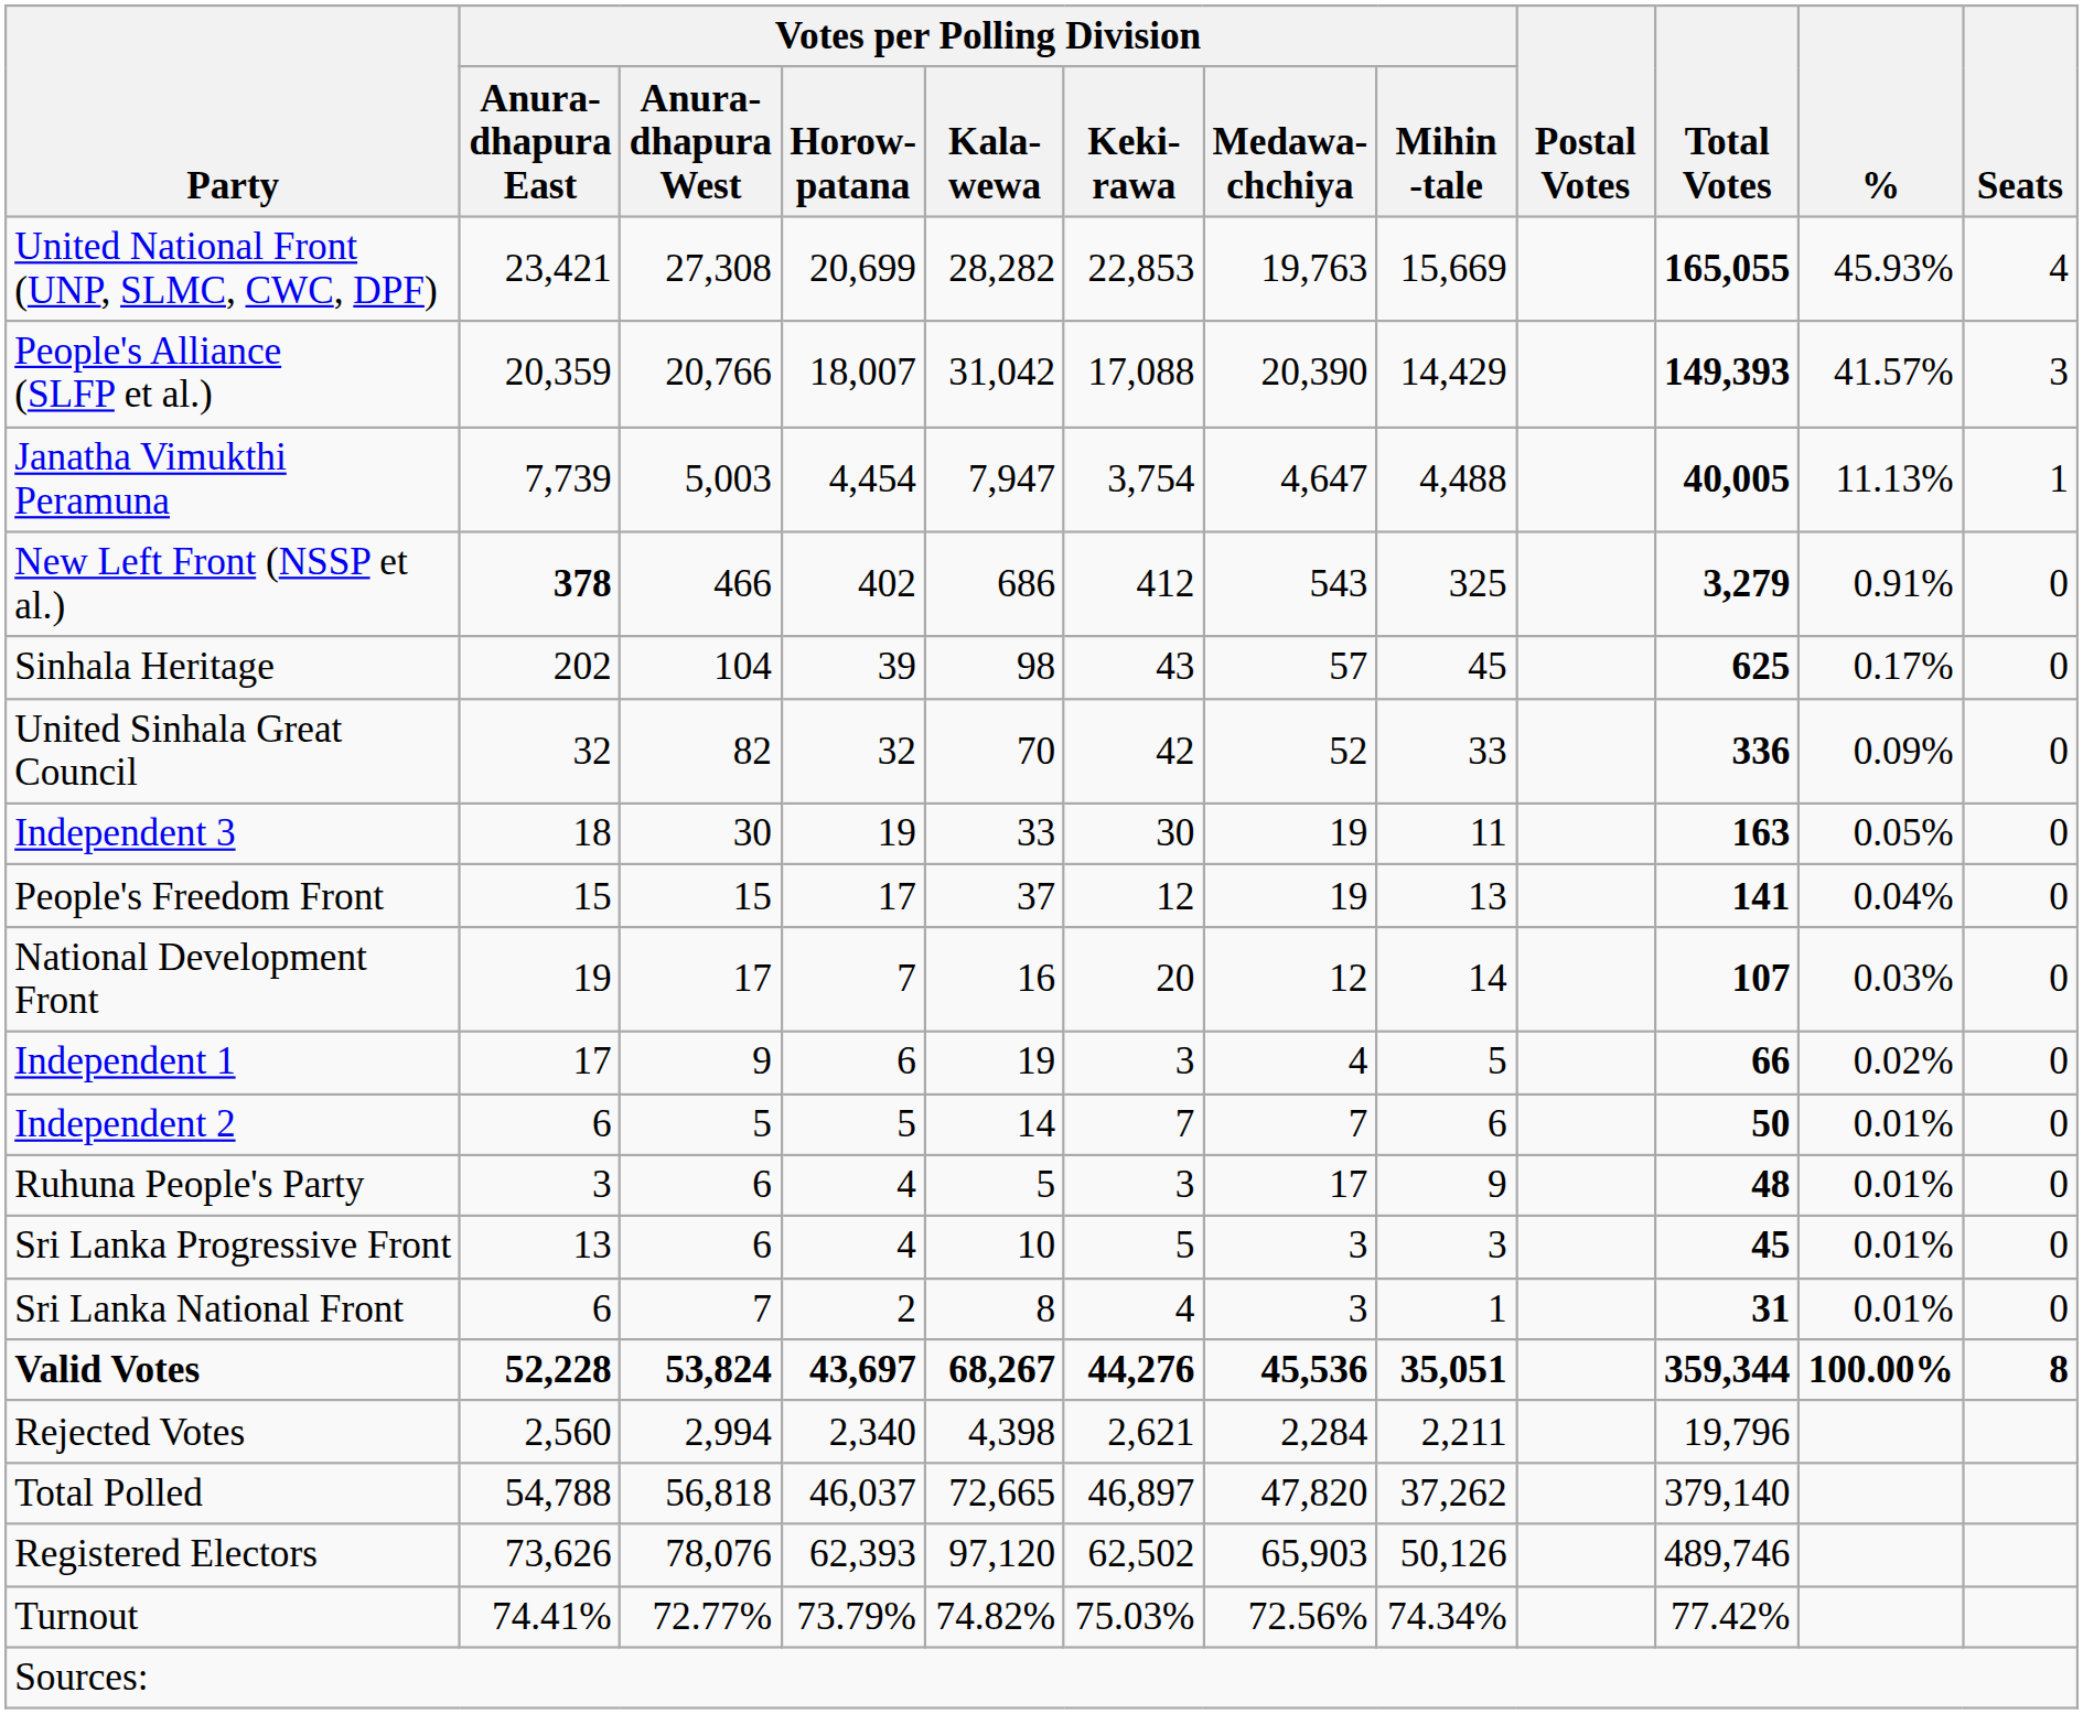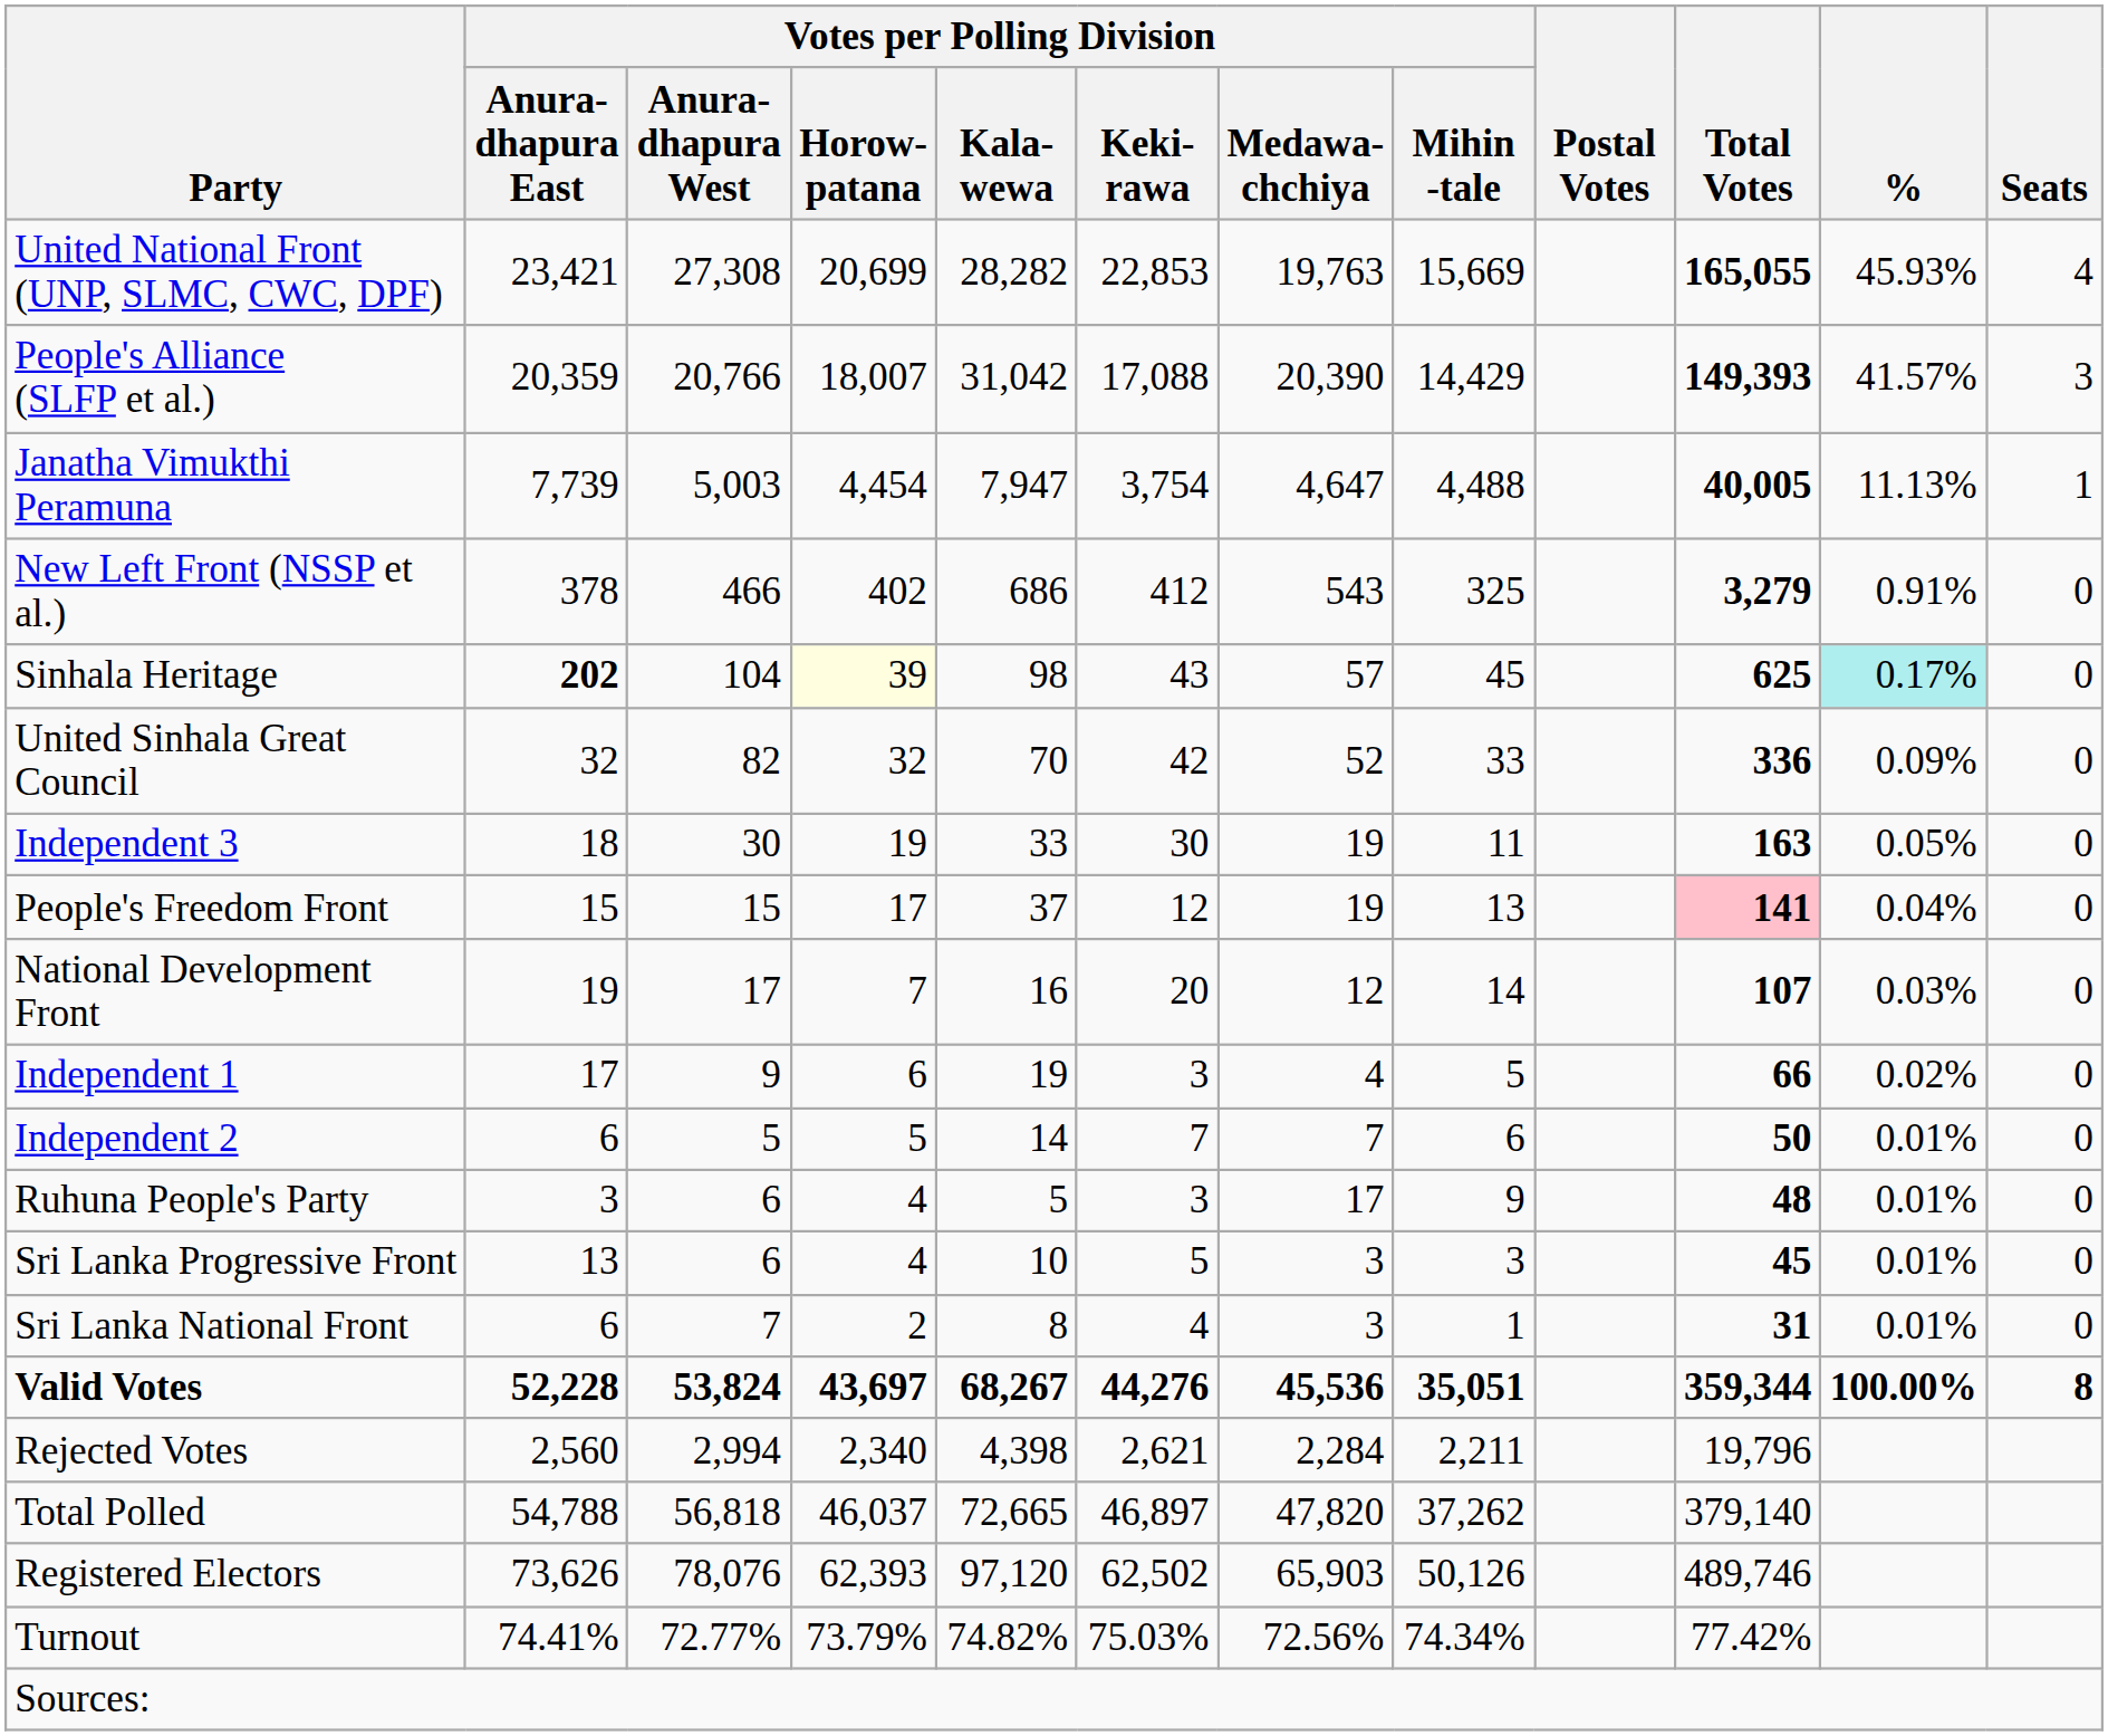 <table class="wikitable" border="1" style="text-align:right;">
 <tr>
 <th align=left valign=bottom rowspan=2 width="180">Party</th>
 <th colspan=7>Votes per Polling Division</th>
 <th align=center valign=bottom rowspan=2 width="50">Postal<br>Votes</th>
 <th align=center valign=bottom rowspan=2 width="50">Total Votes</th>
 <th align=center valign=bottom rowspan=2 width="50">%</th>
 <th align=center valign=bottom rowspan=2 width="40">Seats</th>
 </tr>
 <tr>
 <th align=center valign=bottom width="50">Anura-<br>dhapura<br>East</th>
 <th align=center valign=bottom width="50">Anura-<br>dhapura<br>West</th>
 <th align=center valign=bottom width="50">Horow-<br>patana</th>
 <th align=center valign=bottom width="50">Kala-<br>wewa</th>
 <th align=center valign=bottom width="50">Keki-<br>rawa</th>
 <th align=center valign=bottom width="50">Medawa-<br>chchiya</th>
 <th align=center valign=bottom width="50">Mihin<br>-tale</th>
 </tr>
 <tr>
 <td align=left><a href='#'>United National Front</a><br>(<a href='#'>UNP</a>, <a href='#'>SLMC</a>, <a href='#'>CWC</a>, <a href='#'>DPF</a>)</td>
 <td>23,421</td>
 <td>27,308</td>
 <td>20,699</td>
 <td>28,282</td>
 <td>22,853</td>
 <td>19,763</td>
 <td>15,669</td>
 <td></td>
 <td><strong>165,055</strong></td>
 <td>45.93%</td>
 <td>4</td>
 </tr>
 <tr>
 <td align=left><a href='#'>People's Alliance</a><br>(<a href='#'>SLFP</a> et al.)</td>
 <td>20,359</td>
 <td>20,766</td>
 <td>18,007</td>
 <td>31,042</td>
 <td>17,088</td>
 <td>20,390</td>
 <td>14,429</td>
 <td></td>
 <td><strong>149,393</strong></td>
 <td>41.57%</td>
 <td>3</td>
 </tr>
 <tr>
 <td align=left><a href='#'>Janatha Vimukthi Peramuna</a></td>
 <td>7,739</td>
 <td>5,003</td>
 <td>4,454</td>
 <td>7,947</td>
 <td>3,754</td>
 <td>4,647</td>
 <td>4,488</td>
 <td></td>
 <td><strong>40,005</strong></td>
 <td>11.13%</td>
 <td>1</td>
 </tr>
 <tr>
 <td align=left><a href='#'>New Left Front</a> (<a href='#'>NSSP</a> et al.)</td>
-<td><strong>378</strong></td>
+<td>378</td>
 <td>466</td>
 <td>402</td>
 <td>686</td>
 <td>412</td>
 <td>543</td>
 <td>325</td>
 <td></td>
 <td><strong>3,279</strong></td>
 <td>0.91%</td>
 <td>0</td>
 </tr>
 <tr>
 <td align=left>Sinhala Heritage</td>
-<td>202</td>
+<td><strong>202</strong></td>
 <td>104</td>
-<td>39</td>
+<td style="background: lightyellow;">39</td>
 <td>98</td>
 <td>43</td>
 <td>57</td>
 <td>45</td>
 <td></td>
 <td><strong>625</strong></td>
-<td>0.17%</td>
+<td style="background: paleturquoise;">0.17%</td>
 <td>0</td>
 </tr>
 <tr>
 <td align=left>United Sinhala Great Council</td>
 <td>32</td>
 <td>82</td>
 <td>32</td>
 <td>70</td>
 <td>42</td>
 <td>52</td>
 <td>33</td>
 <td></td>
 <td><strong>336</strong></td>
 <td>0.09%</td>
 <td>0</td>
 </tr>
 <tr>
 <td align=left><a href='#'>Independent 3</a></td>
 <td>18</td>
 <td>30</td>
 <td>19</td>
 <td>33</td>
 <td>30</td>
 <td>19</td>
 <td>11</td>
 <td></td>
 <td><strong>163</strong></td>
 <td>0.05%</td>
 <td>0</td>
 </tr>
 <tr>
 <td align=left>People's Freedom Front</td>
 <td>15</td>
 <td>15</td>
 <td>17</td>
 <td>37</td>
 <td>12</td>
 <td>19</td>
 <td>13</td>
 <td></td>
-<td><strong>141</strong></td>
+<td style="background: pink;"><strong>141</strong></td>
 <td>0.04%</td>
 <td>0</td>
 </tr>
 <tr>
 <td align=left>National Development Front</td>
 <td>19</td>
 <td>17</td>
 <td>7</td>
 <td>16</td>
 <td>20</td>
 <td>12</td>
 <td>14</td>
 <td></td>
 <td><strong>107</strong></td>
 <td>0.03%</td>
 <td>0</td>
 </tr>
 <tr>
 <td align=left><a href='#'>Independent 1</a></td>
 <td>17</td>
 <td>9</td>
 <td>6</td>
 <td>19</td>
 <td>3</td>
 <td>4</td>
 <td>5</td>
 <td></td>
 <td><strong>66</strong></td>
 <td>0.02%</td>
 <td>0</td>
 </tr>
 <tr>
 <td align=left><a href='#'>Independent 2</a></td>
 <td>6</td>
 <td>5</td>
 <td>5</td>
 <td>14</td>
 <td>7</td>
 <td>7</td>
 <td>6</td>
 <td></td>
 <td><strong>50</strong></td>
 <td>0.01%</td>
 <td>0</td>
 </tr>
 <tr>
 <td align=left>Ruhuna People's Party</td>
 <td>3</td>
 <td>6</td>
 <td>4</td>
 <td>5</td>
 <td>3</td>
 <td>17</td>
 <td>9</td>
 <td></td>
 <td><strong>48</strong></td>
 <td>0.01%</td>
 <td>0</td>
 </tr>
 <tr>
 <td align=left>Sri Lanka Progressive Front</td>
 <td>13</td>
 <td>6</td>
 <td>4</td>
 <td>10</td>
 <td>5</td>
 <td>3</td>
 <td>3</td>
 <td></td>
 <td><strong>45</strong></td>
 <td>0.01%</td>
 <td>0</td>
 </tr>
 <tr>
 <td align=left>Sri Lanka National Front</td>
 <td>6</td>
 <td>7</td>
 <td>2</td>
 <td>8</td>
 <td>4</td>
 <td>3</td>
 <td>1</td>
 <td></td>
 <td><strong>31</strong></td>
 <td>0.01%</td>
 <td>0</td>
 </tr>
 <tr>
 <td align=left><strong>Valid Votes</strong></td>
 <td><strong>52,228</strong></td>
 <td><strong>53,824</strong></td>
 <td><strong>43,697</strong></td>
 <td><strong>68,267</strong></td>
 <td><strong>44,276</strong></td>
 <td><strong>45,536</strong></td>
 <td><strong>35,051</strong></td>
 <td></td>
 <td><strong>359,344</strong></td>
 <td><strong>100.00%</strong></td>
 <td><strong>8</strong></td>
 </tr>
 <tr>
 <td align=left>Rejected Votes</td>
 <td>2,560</td>
 <td>2,994</td>
 <td>2,340</td>
 <td>4,398</td>
 <td>2,621</td>
 <td>2,284</td>
 <td>2,211</td>
 <td></td>
 <td>19,796</td>
 <td></td>
 <td></td>
 </tr>
 <tr>
 <td align=left>Total Polled</td>
 <td>54,788</td>
 <td>56,818</td>
 <td>46,037</td>
 <td>72,665</td>
 <td>46,897</td>
 <td>47,820</td>
 <td>37,262</td>
 <td></td>
 <td>379,140</td>
 <td></td>
 <td></td>
 </tr>
 <tr>
 <td align=left>Registered Electors</td>
 <td>73,626</td>
 <td>78,076</td>
 <td>62,393</td>
 <td>97,120</td>
 <td>62,502</td>
 <td>65,903</td>
 <td>50,126</td>
 <td></td>
 <td>489,746</td>
 <td></td>
 <td></td>
 </tr>
 <tr>
 <td align=left>Turnout</td>
 <td>74.41%</td>
 <td>72.77%</td>
 <td>73.79%</td>
 <td>74.82%</td>
 <td>75.03%</td>
 <td>72.56%</td>
 <td>74.34%</td>
 <td></td>
 <td>77.42%</td>
 <td></td>
 <td></td>
 </tr>
 <tr>
 <td align=left colspan=13>Sources:</td>
 </tr>
 </table>
